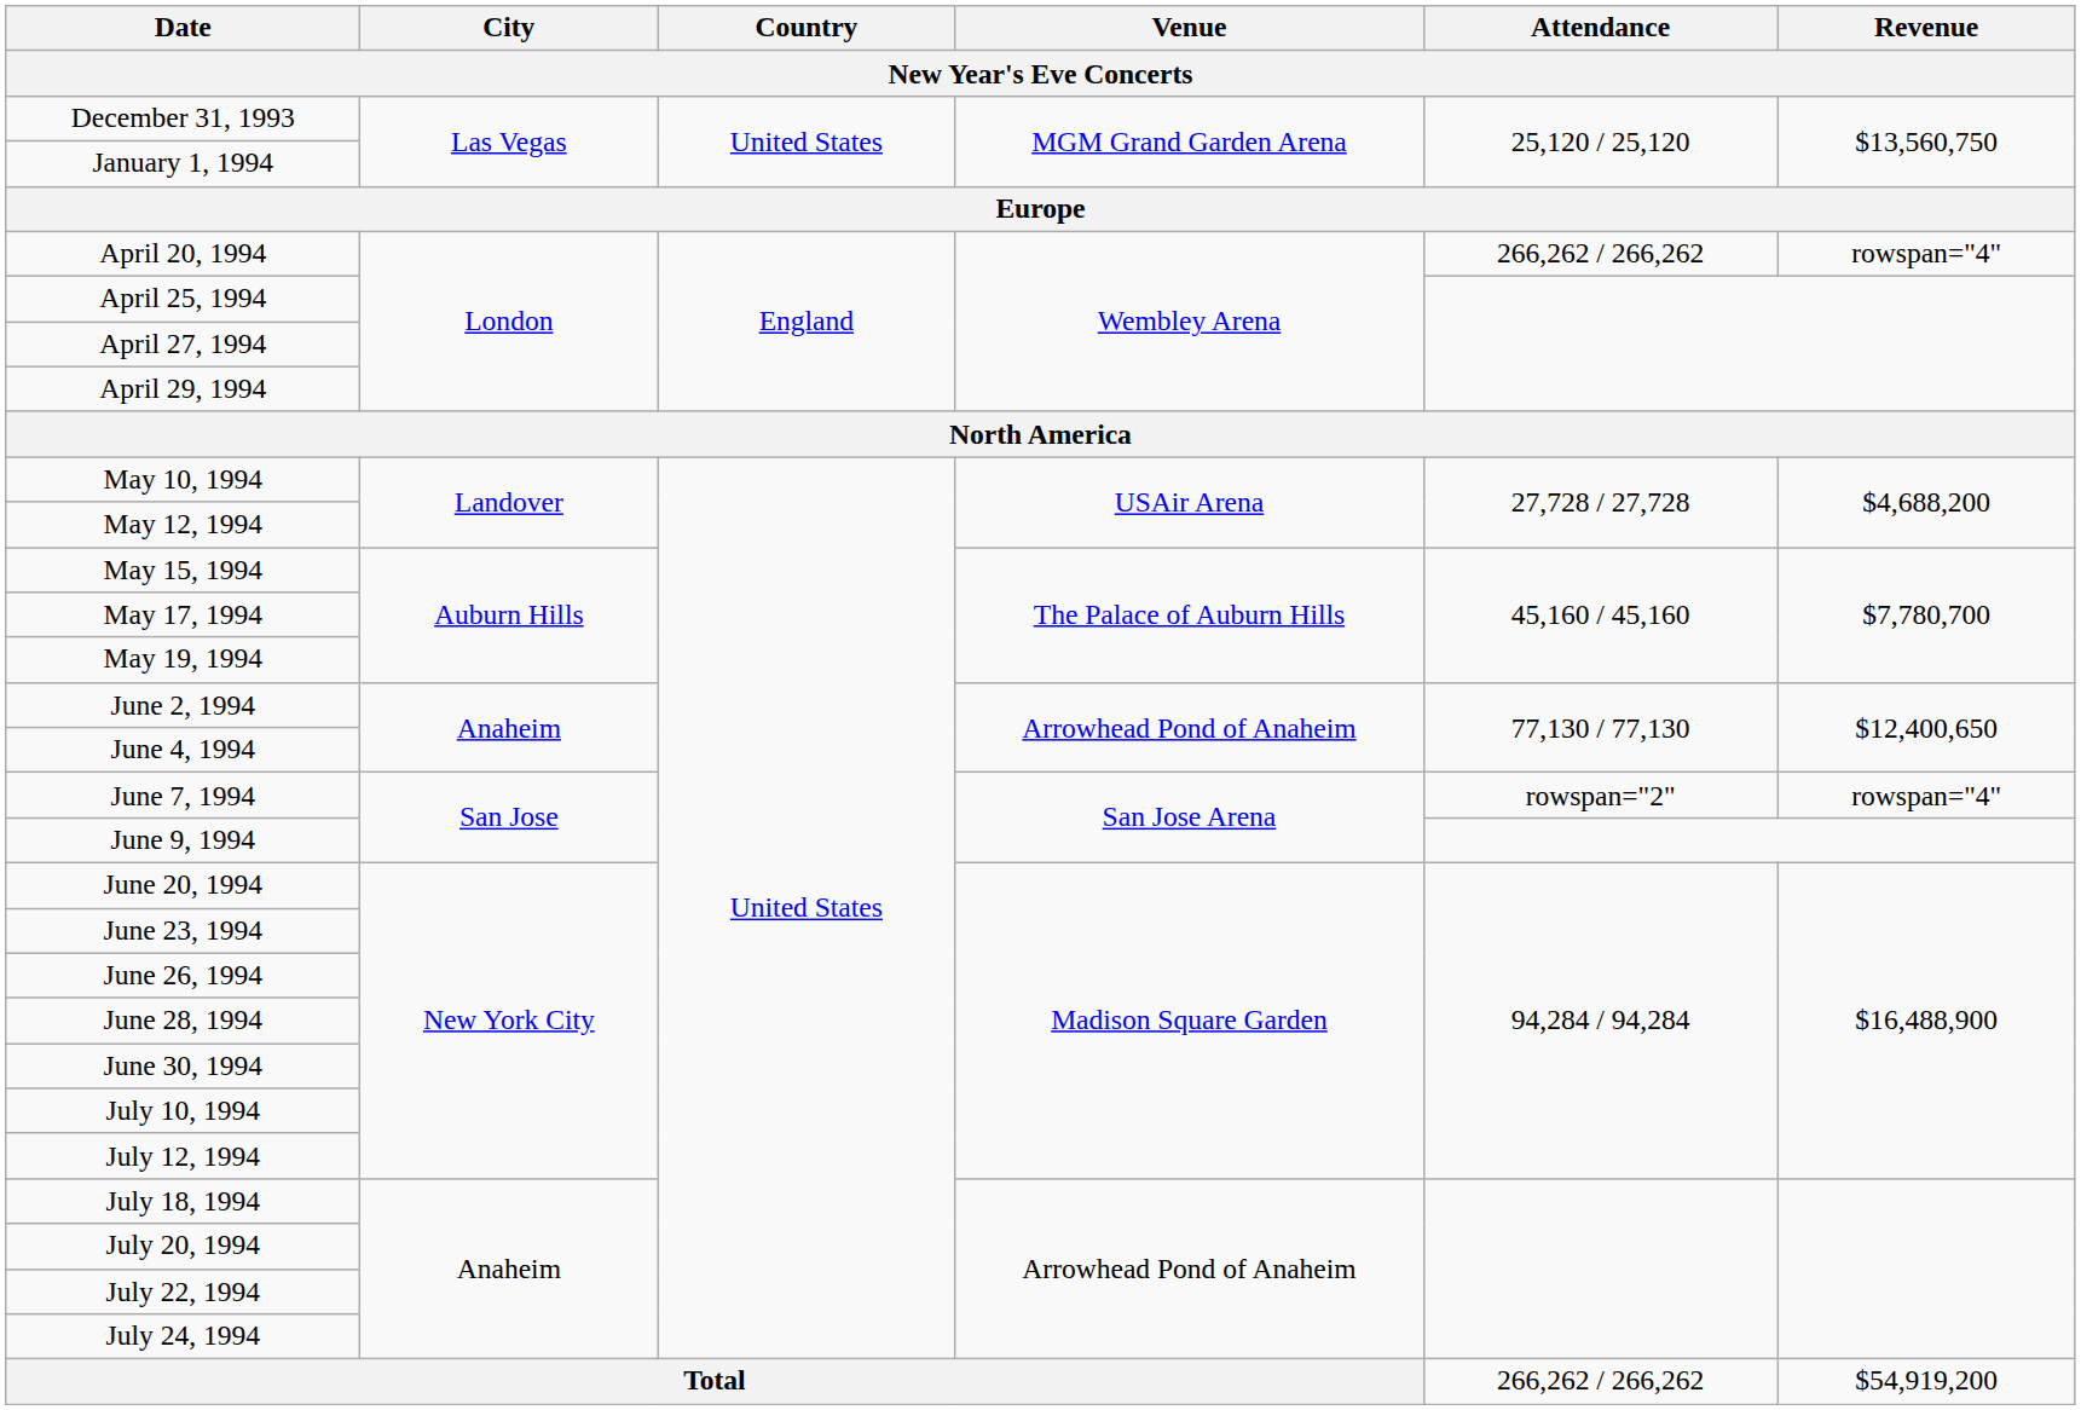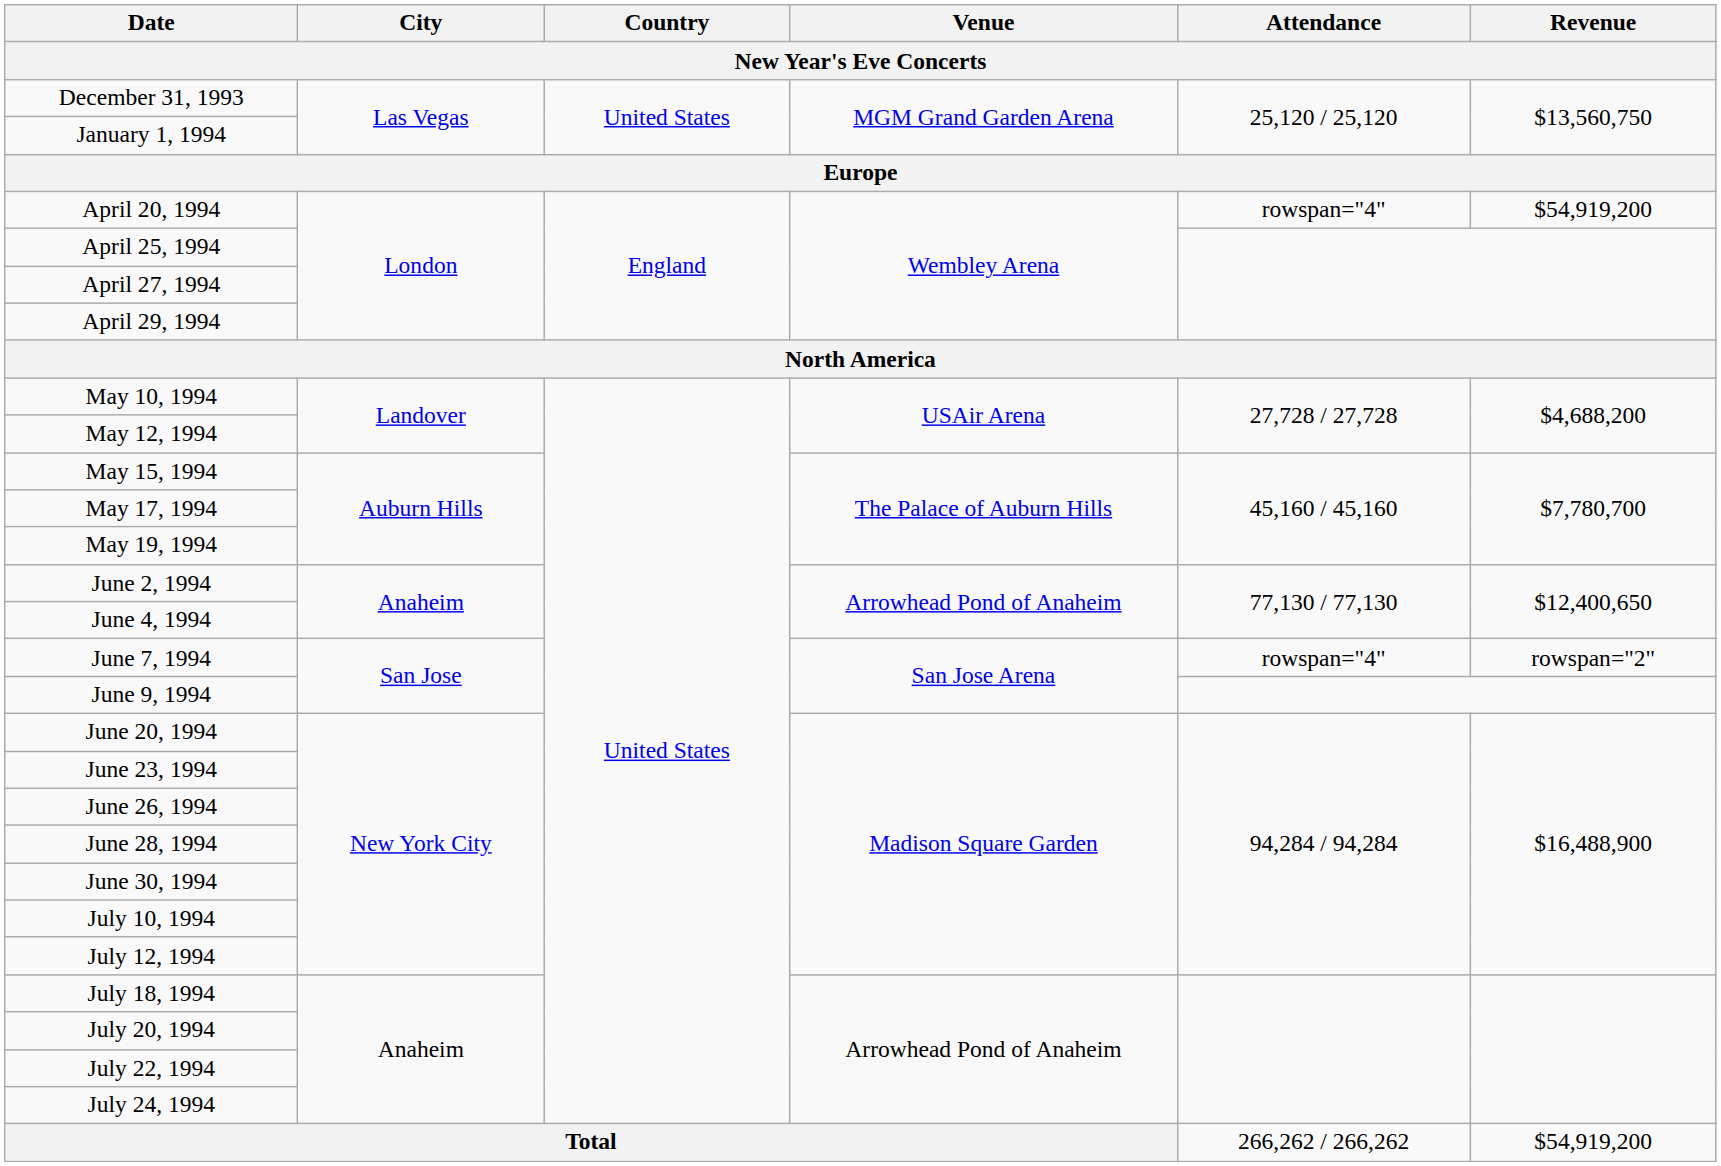 <table class="wikitable" style="text-align:center;">
 <tr>
 <th scope="col" style="width:12em;">Date</th>
 <th scope="col" style="width:10em;">City</th>
 <th scope="col" style="width:10em;">Country</th>
 <th scope="col" style="width:16em;">Venue</th>
 <th scope="col" style="width:12em;">Attendance</th>
 <th scope="col" style="width:10em;">Revenue</th>
 </tr>
 <tr>
 <th colspan="6">New Year's Eve Concerts</th>
 </tr>
 <tr>
 <td>December 31, 1993</td>
 <td rowspan="2"><a href='#'>Las Vegas</a></td>
 <td rowspan="2"><a href='#'>United States</a></td>
 <td rowspan="2"><a href='#'>MGM Grand Garden Arena</a></td>
 <td rowspan="2">25,120 / 25,120</td>
 <td rowspan="2">$13,560,750</td>
 </tr>
 <tr>
 <td>January 1, 1994</td>
 </tr>
 <tr>
 <th colspan="6">Europe</th>
 </tr>
 <tr>
 <td>April 20, 1994</td>
 <td rowspan="4"><a href='#'>London</a></td>
 <td rowspan="4"><a href='#'>England</a></td>
 <td rowspan="4"><a href='#'>Wembley Arena</a></td>
-<td>266,262 / 266,262</td>
 <td>rowspan="4" </td>
+<td>$54,919,200</td>
 </tr>
 <tr>
 <td>April 25, 1994</td>
 </tr>
 <tr>
 <td>April 27, 1994</td>
 </tr>
 <tr>
 <td>April 29, 1994</td>
 </tr>
 <tr>
 <th colspan="6">North America</th>
 </tr>
 <tr>
 <td>May 10, 1994</td>
 <td rowspan="2"><a href='#'>Landover</a></td>
 <td rowspan="20"><a href='#'>United States</a></td>
 <td rowspan="2"><a href='#'>USAir Arena</a></td>
 <td rowspan="2">27,728 / 27,728</td>
 <td rowspan="2">$4,688,200</td>
 </tr>
 <tr>
 <td>May 12, 1994</td>
 </tr>
 <tr>
 <td>May 15, 1994</td>
 <td rowspan="3"><a href='#'>Auburn Hills</a></td>
 <td rowspan="3"><a href='#'>The Palace of Auburn Hills</a></td>
 <td rowspan="3">45,160 / 45,160</td>
 <td rowspan="3">$7,780,700</td>
 </tr>
 <tr>
 <td>May 17, 1994</td>
 </tr>
 <tr>
 <td>May 19, 1994</td>
 </tr>
 <tr>
 <td>June 2, 1994</td>
 <td rowspan="2"><a href='#'>Anaheim</a></td>
 <td rowspan="2"><a href='#'>Arrowhead Pond of Anaheim</a></td>
 <td rowspan="2">77,130 / 77,130</td>
 <td rowspan="2">$12,400,650</td>
 </tr>
 <tr>
 <td>June 4, 1994</td>
 </tr>
 <tr>
 <td>June 7, 1994</td>
 <td rowspan="2"><a href='#'>San Jose</a></td>
 <td rowspan="2"><a href='#'>San Jose Arena</a></td>
+<td>rowspan="4" </td>
 <td>rowspan="2" </td>
-<td>rowspan="4" </td>
 </tr>
 <tr>
 <td>June 9, 1994</td>
 </tr>
 <tr>
 <td>June 20, 1994</td>
 <td rowspan="7"><a href='#'>New York City</a></td>
 <td rowspan="7"><a href='#'>Madison Square Garden</a></td>
 <td rowspan="7">94,284 / 94,284</td>
 <td rowspan="7">$16,488,900</td>
 </tr>
 <tr>
 <td>June 23, 1994</td>
 </tr>
 <tr>
 <td>June 26, 1994</td>
 </tr>
 <tr>
 <td>June 28, 1994</td>
 </tr>
 <tr>
 <td>June 30, 1994</td>
 </tr>
 <tr>
 <td>July 10, 1994</td>
 </tr>
 <tr>
 <td>July 12, 1994</td>
 </tr>
 <tr>
 <td>July 18, 1994</td>
 <td rowspan="4">Anaheim</td>
 <td rowspan="4">Arrowhead Pond of Anaheim</td>
 <td rowspan="4"></td>
 <td rowspan="4"></td>
 </tr>
 <tr>
 <td>July 20, 1994</td>
 </tr>
 <tr>
 <td>July 22, 1994</td>
 </tr>
 <tr>
 <td>July 24, 1994</td>
 </tr>
 <tr>
 <th colspan="4">Total</th>
 <td>266,262 / 266,262</td>
 <td>$54,919,200</td>
 </tr>
 <tr>
 </tr>
 </table>
